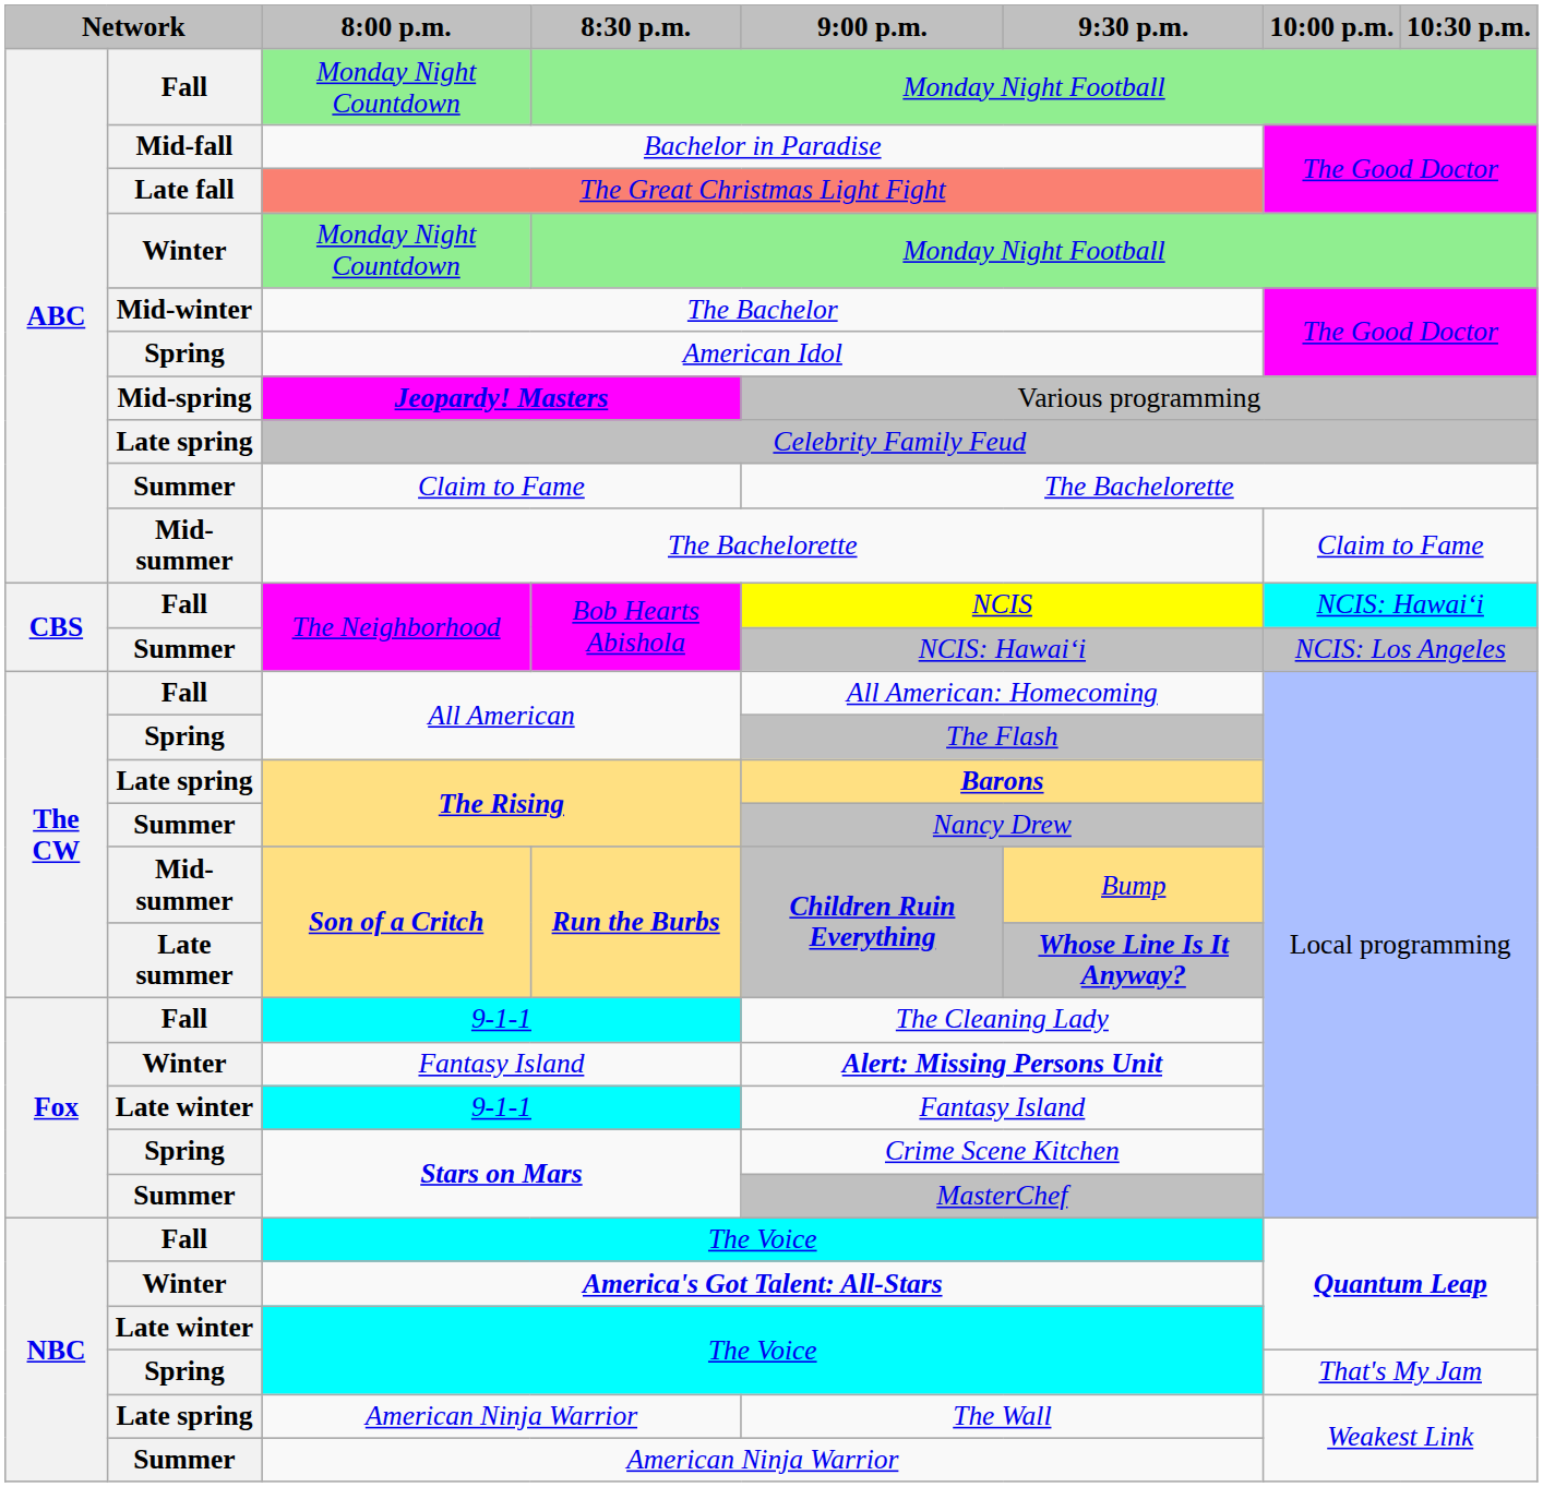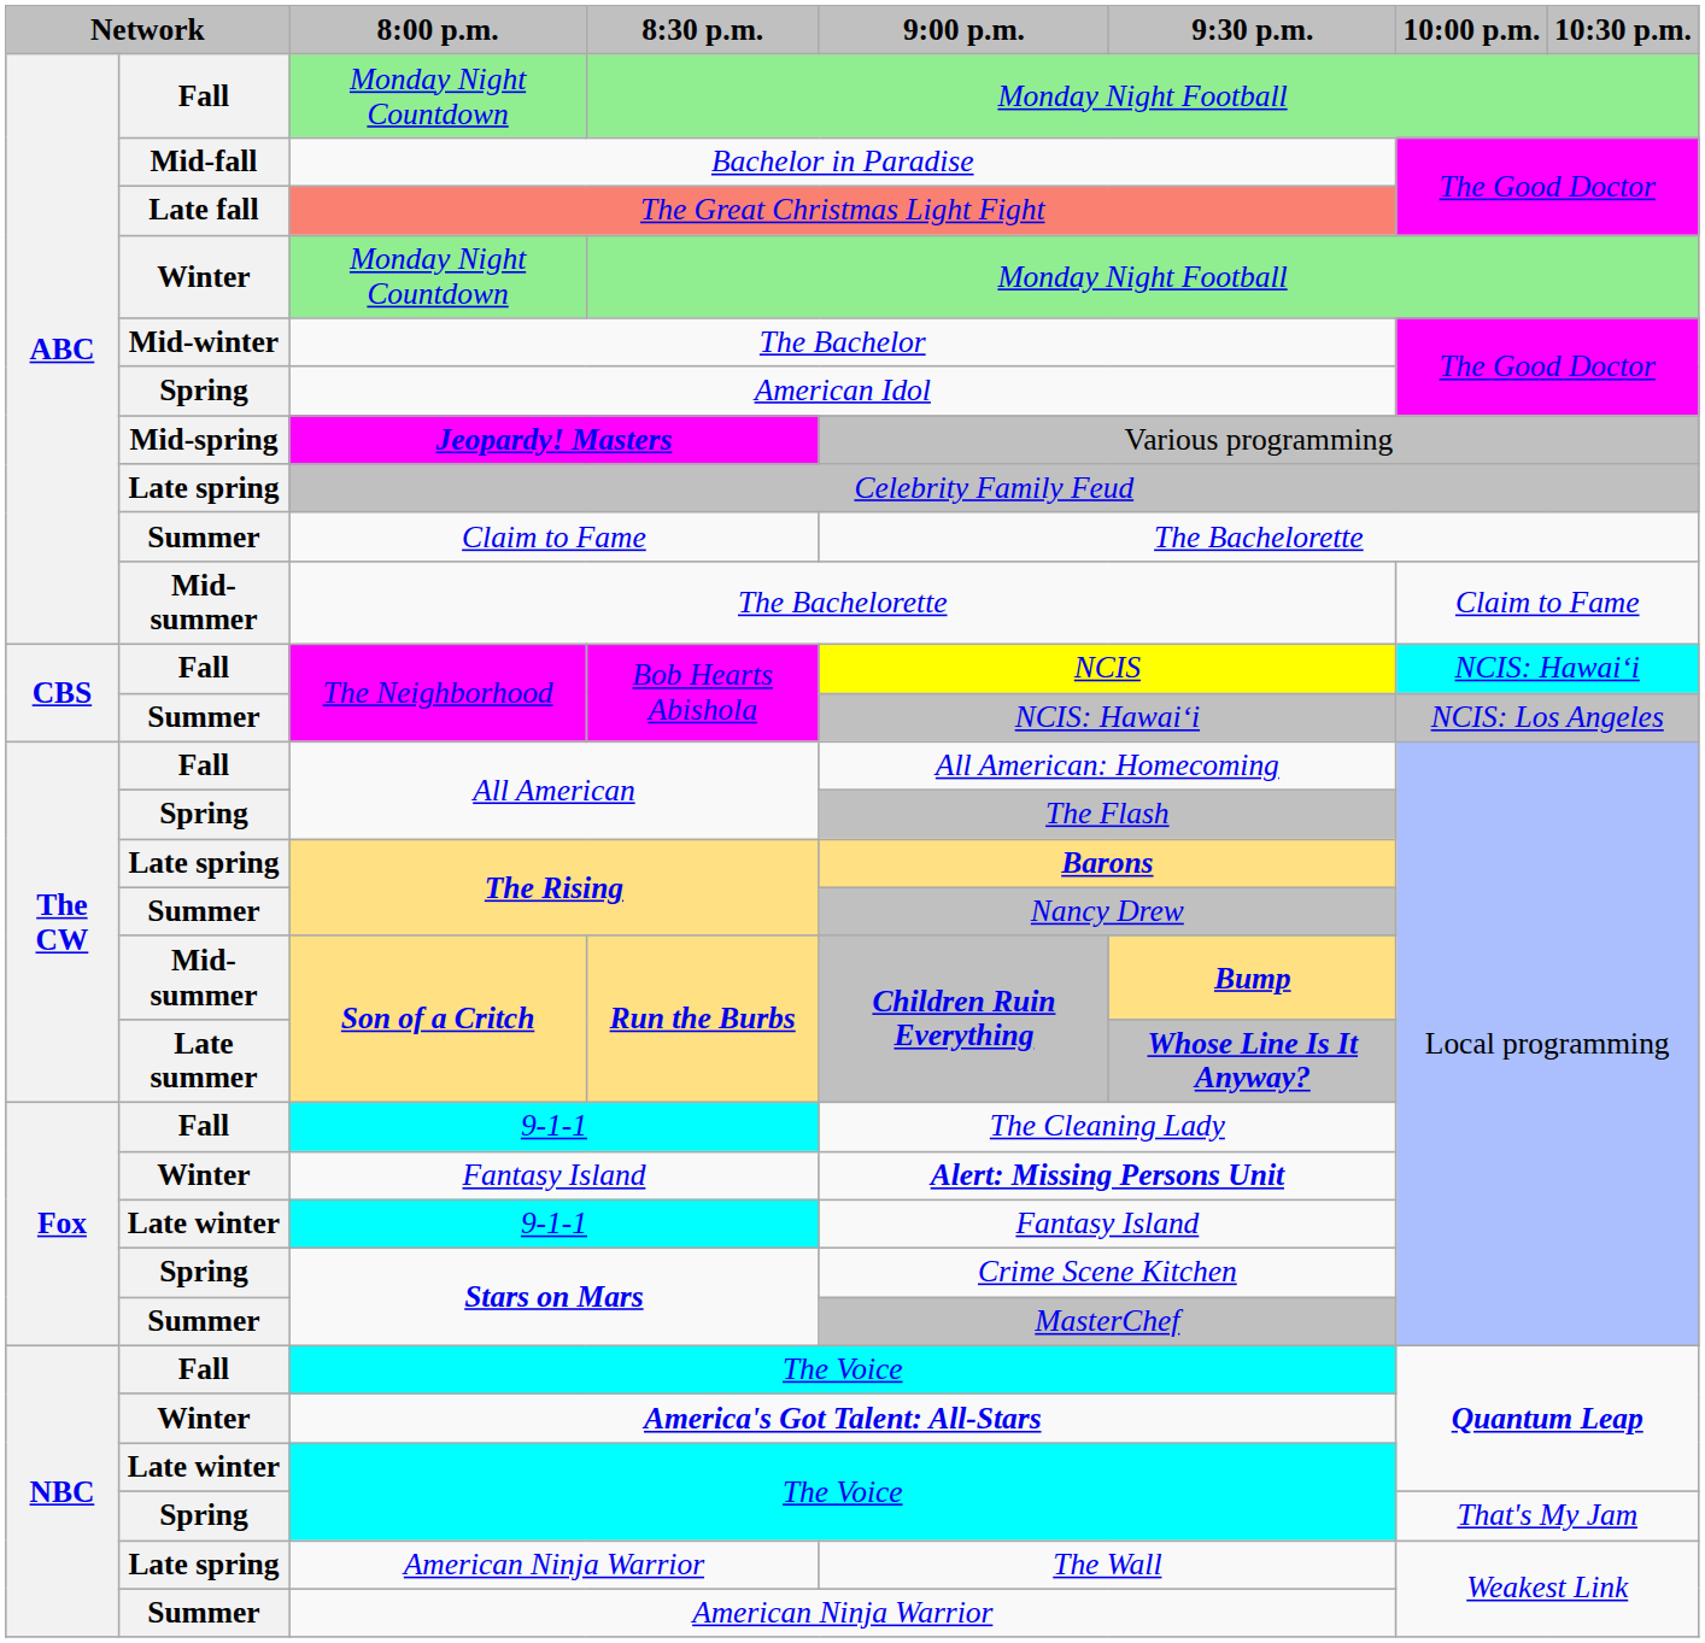 <table class="wikitable" style="width:100%;margin-right:0;text-align:center">
 <tr>
 <th colspan="2" style="background-color:#C0C0C0;text-align:center">Network</th>
 <th style="background-color:#C0C0C0;text-align:center">8:00 p.m.</th>
 <th style="background-color:#C0C0C0;text-align:center">8:30 p.m.</th>
 <th style="background-color:#C0C0C0;text-align:center">9:00 p.m.</th>
 <th style="background-color:#C0C0C0;text-align:center">9:30 p.m.</th>
 <th style="background-color:#C0C0C0;text-align:center">10:00 p.m.</th>
 <th style="background-color:#C0C0C0;text-align:center">10:30 p.m.</th>
 </tr>
 <tr>
 <th rowspan="10"><a href='#'>ABC</a></th>
 <th>Fall</th>
 <td style="background:lightgreen"><em><a href='#'>Monday Night Countdown</a></em></td>
 <td colspan="5" style="background:lightgreen"><em><a href='#'>Monday Night Football</a></em> </td>
 </tr>
 <tr>
 <th>Mid-fall</th>
 <td colspan="4"><em><a href='#'>Bachelor in Paradise</a></em></td>
 <td rowspan="2" colspan="2" style="background:magenta;"><em><a href='#'>The Good Doctor</a></em> </td>
 </tr>
 <tr>
 <th>Late fall</th>
 <td colspan="4" style="background:#FA8072;"><em><a href='#'>The Great Christmas Light Fight</a></em></td>
 </tr>
 <tr>
 <th>Winter</th>
 <td style="background:lightgreen"><em><a href='#'>Monday Night Countdown</a></em></td>
 <td colspan="5" style="background:lightgreen"><em><a href='#'>Monday Night Football</a></em> </td>
 </tr>
 <tr>
 <th>Mid-winter</th>
 <td colspan="4"><em><a href='#'>The Bachelor</a></em></td>
 <td rowspan="2" colspan="2" style="background:magenta;"><em><a href='#'>The Good Doctor</a></em> </td>
 </tr>
 <tr>
 <th>Spring</th>
 <td colspan="4"><em><a href='#'>American Idol</a></em></td>
 </tr>
 <tr>
 <th>Mid-spring</th>
 <td colspan="2" style="background:magenta;"><strong><em><a href='#'>Jeopardy! Masters</a></em></strong> </td>
 <td colspan="4" style="background:#C0C0C0;">Various programming</td>
 </tr>
 <tr>
 <th>Late spring</th>
 <td colspan="6" style="background:#C0C0C0;"><em><a href='#'>Celebrity Family Feud</a></em> </td>
 </tr>
 <tr>
 <th>Summer</th>
 <td colspan="2"><em><a href='#'>Claim to Fame</a></em></td>
 <td colspan="4"><em><a href='#'>The Bachelorette</a></em></td>
 </tr>
 <tr>
 <th>Mid-summer</th>
 <td colspan="4"><em><a href='#'>The Bachelorette</a></em></td>
 <td colspan="2"><em><a href='#'>Claim to Fame</a></em></td>
 </tr>
 <tr>
 <th rowspan="2"><a href='#'>CBS</a></th>
 <th>Fall</th>
 <td rowspan="2" style="background:magenta;"><em><a href='#'>The Neighborhood</a></em> </td>
 <td rowspan="2" style="background:magenta;"><em><a href='#'>Bob Hearts Abishola</a></em> </td>
 <td colspan="2" style="background:yellow;"><em><a href='#'>NCIS</a></em> </td>
 <td colspan="2" style="background:cyan;"><em><a href='#'>NCIS: Hawaiʻi</a></em> </td>
 </tr>
 <tr>
 <th>Summer</th>
 <td colspan="2" style="background:#C0C0C0;"><em><a href='#'>NCIS: Hawaiʻi</a></em> </td>
 <td colspan="2" style="background:#C0C0C0;"><em><a href='#'>NCIS: Los Angeles</a></em> </td>
 </tr>
 <tr>
 <th rowspan="6"><a href='#'>The CW</a></th>
 <th>Fall</th>
 <td rowspan="2" colspan="2"><em><a href='#'>All American</a></em></td>
 <td colspan="2"><em><a href='#'>All American: Homecoming</a></em></td>
 <td rowspan="11" colspan="2" style="background:#abbfff">Local programming</td>
 </tr>
 <tr>
 <th>Spring</th>
 <td colspan="2" style="background:#C0C0C0;"><em><a href='#'>The Flash</a></em> </td>
 </tr>
 <tr>
 <th>Late spring</th>
 <td rowspan="2" colspan="2" style="background:#FFE082"><strong><em><a href='#'>The Rising</a></em></strong></td>
 <td colspan="2" style="background:#FFE082"><strong><em><a href='#'>Barons</a></em></strong></td>
 </tr>
 <tr>
 <th>Summer</th>
 <td colspan="2" style="background:#C0C0C0;"><em><a href='#'>Nancy Drew</a></em> </td>
 </tr>
 <tr>
 <th>Mid-summer</th>
 <td rowspan="2" style="background:#FFE082"><strong><em><a href='#'>Son of a Critch</a></em></strong></td>
 <td rowspan="2" style="background:#FFE082"><strong><em><a href='#'>Run the Burbs</a></em></strong></td>
 <td rowspan="2" style="background:#C0C0C0"><strong><em><a href='#'>Children Ruin Everything</a></em></strong> </td>
-<td style="background:#FFE082"><em><a href='#'>Bump</a></em></td>
+<td style="background:#FFE082"><strong><em><a href='#'>Bump</a></em></strong></td>
 </tr>
 <tr>
 <th>Late summer</th>
 <td style="background:#C0C0C0;"><strong><em><a href='#'>Whose Line Is It Anyway?</a></em> </strong></td>
 </tr>
 <tr>
 <th rowspan="5"><a href='#'>Fox</a></th>
 <th>Fall</th>
 <td colspan="2" style="background:cyan;"><em><a href='#'>9-1-1</a></em> </td>
 <td colspan="2"><em><a href='#'>The Cleaning Lady</a></em></td>
 </tr>
 <tr>
 <th>Winter</th>
 <td colspan="2"><em><a href='#'>Fantasy Island</a></em></td>
 <td colspan="2"><strong><em><a href='#'>Alert: Missing Persons Unit</a></em></strong></td>
 </tr>
 <tr>
 <th>Late winter</th>
 <td colspan="2" style="background:cyan;"><em><a href='#'>9-1-1</a></em> </td>
 <td colspan="2"><em><a href='#'>Fantasy Island</a></em></td>
 </tr>
 <tr>
 <th>Spring</th>
 <td rowspan="2" colspan="2"><strong><em><a href='#'>Stars on Mars</a></em></strong></td>
 <td colspan="2"><em><a href='#'>Crime Scene Kitchen</a></em></td>
 </tr>
 <tr>
 <th>Summer</th>
 <td colspan="2" style="background:#C0C0C0;"><em><a href='#'>MasterChef</a></em> </td>
 </tr>
 <tr>
 <th rowspan="6"><a href='#'>NBC</a></th>
 <th>Fall</th>
 <td colspan="4" style="background:cyan;"><em><a href='#'>The Voice</a></em> </td>
 <td rowspan="3" colspan="2"><strong><em><a href='#'>Quantum Leap</a></em></strong></td>
 </tr>
 <tr>
 <th>Winter</th>
 <td colspan="4"><strong><em><a href='#'>America's Got Talent: All-Stars</a></em></strong></td>
 </tr>
 <tr>
 <th>Late winter</th>
 <td rowspan="2" colspan="4" style="background:cyan;"><em><a href='#'>The Voice</a></em> </td>
 </tr>
 <tr>
 <th>Spring</th>
 <td colspan="2"><em><a href='#'>That's My Jam</a></em></td>
 </tr>
 <tr>
 <th>Late spring</th>
 <td colspan="2"><em><a href='#'>American Ninja Warrior</a></em></td>
 <td colspan="2"><em><a href='#'>The Wall</a></em></td>
 <td rowspan="2" colspan="2"><em><a href='#'>Weakest Link</a></em></td>
 </tr>
 <tr>
 <th>Summer</th>
 <td colspan="4"><em><a href='#'>American Ninja Warrior</a></em></td>
 </tr>
 </table>
